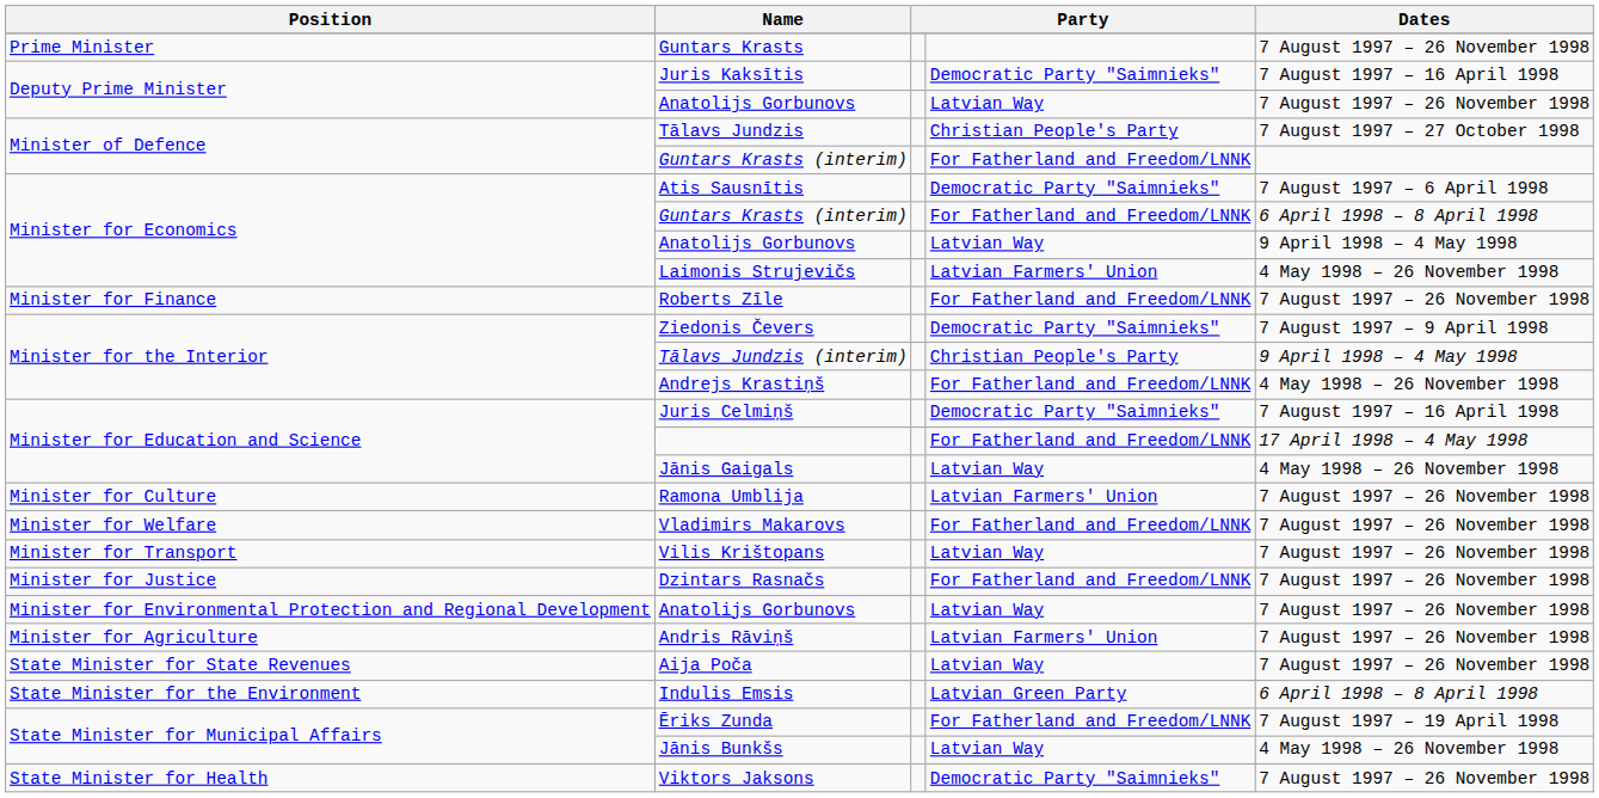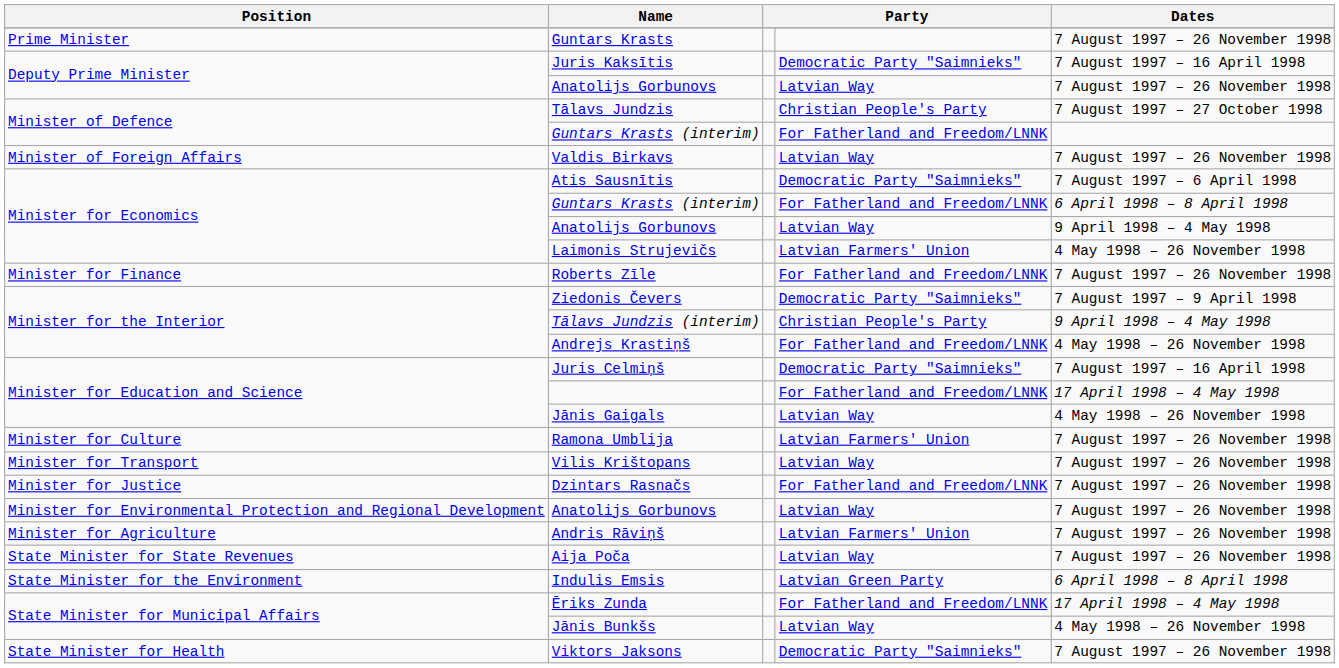 <table class="wikitable">
 <tr>
 <th>Position</th>
 <th>Name</th>
 <th colspan=2>Party</th>
 <th>Dates</th>
 </tr>
 <tr>
 </tr>
 <tr>
 <td><a href='#'>Prime Minister</a></td>
 <td><a href='#'>Guntars Krasts</a></td>
 <td width=5px style="background-color: "></td>
 <td></td>
 <td>7 August 1997 – 26 November 1998</td>
 </tr>
 <tr>
 <td rowspan="2"><a href='#'>Deputy Prime Minister</a></td>
 <td><a href='#'>Juris Kaksītis</a></td>
 <td style="background-color: "></td>
 <td><a href='#'>Democratic Party "Saimnieks"</a></td>
 <td>7 August 1997 – 16 April 1998</td>
 </tr>
 <tr>
 <td><a href='#'>Anatolijs Gorbunovs</a></td>
 <td style="background-color: "></td>
 <td><a href='#'>Latvian Way</a></td>
 <td>7 August 1997 – 26 November 1998</td>
 </tr>
 <tr>
 <td rowspan="2"><a href='#'>Minister of Defence</a></td>
 <td><a href='#'>Tālavs Jundzis</a></td>
 <td style="background-color: "></td>
 <td><a href='#'>Christian People's Party</a></td>
 <td>7 August 1997 – 27 October 1998</td>
 </tr>
 <tr>
 <td><em><a href='#'>Guntars Krasts</a> (interim)</em></td>
 <td style="background-color: "></td>
 <td><a href='#'>For Fatherland and Freedom/LNNK</a></td>
 <td></td>
+</tr>
+<tr>
+<td><a href='#'>Minister of Foreign Affairs</a></td>
+<td><a href='#'>Valdis Birkavs</a></td>
+<td style="background-color: "></td>
+<td><a href='#'>Latvian Way</a></td>
+<td>7 August 1997 – 26 November 1998</td>
 </tr>
 <tr>
 <td rowspan="4"><a href='#'>Minister for Economics</a></td>
 <td><a href='#'>Atis Sausnītis</a></td>
 <td style="background-color: "></td>
 <td><a href='#'>Democratic Party "Saimnieks"</a></td>
 <td>7 August 1997 – 6 April 1998</td>
 </tr>
 <tr>
 <td><em><a href='#'>Guntars Krasts</a> (interim)</em></td>
 <td style="background-color: "></td>
 <td><a href='#'>For Fatherland and Freedom/LNNK</a></td>
 <td><em>6 April 1998 – 8 April 1998</em></td>
 </tr>
 <tr>
 <td><a href='#'>Anatolijs Gorbunovs</a></td>
 <td style="background-color: "></td>
 <td><a href='#'>Latvian Way</a></td>
 <td>9 April 1998 – 4 May 1998</td>
 </tr>
 <tr>
 <td><a href='#'>Laimonis Strujevičs</a></td>
 <td style="background-color: "></td>
 <td><a href='#'>Latvian Farmers' Union</a></td>
 <td>4 May 1998 – 26 November 1998</td>
 </tr>
 <tr>
 <td><a href='#'>Minister for Finance</a></td>
 <td><a href='#'>Roberts Zīle</a></td>
 <td style="background-color: "></td>
 <td><a href='#'>For Fatherland and Freedom/LNNK</a></td>
 <td>7 August 1997 – 26 November 1998</td>
 </tr>
 <tr>
 <td rowspan="3"><a href='#'>Minister for the Interior</a></td>
 <td><a href='#'>Ziedonis Čevers</a></td>
 <td style="background-color: "></td>
 <td><a href='#'>Democratic Party "Saimnieks"</a></td>
 <td>7 August 1997 – 9 April 1998</td>
 </tr>
 <tr>
 <td><em><a href='#'>Tālavs Jundzis</a> (interim)</em></td>
 <td style="background-color: "></td>
 <td><a href='#'>Christian People's Party</a></td>
 <td><em>9 April 1998 – 4 May 1998</em></td>
 </tr>
 <tr>
 <td><a href='#'>Andrejs Krastiņš</a></td>
 <td style="background-color: "></td>
 <td><a href='#'>For Fatherland and Freedom/LNNK</a></td>
 <td>4 May 1998 – 26 November 1998</td>
 </tr>
 <tr>
 <td rowspan="3"><a href='#'>Minister for Education and Science</a></td>
 <td><a href='#'>Juris Celmiņš</a></td>
 <td style="background-color: "></td>
 <td><a href='#'>Democratic Party "Saimnieks"</a></td>
 <td>7 August 1997 – 16 April 1998</td>
 </tr>
 <tr>
 <td></td>
 <td style="background-color: "></td>
 <td><a href='#'>For Fatherland and Freedom/LNNK</a></td>
 <td><em>17 April 1998 – 4 May 1998</em></td>
 </tr>
 <tr>
 <td><a href='#'>Jānis Gaigals</a></td>
 <td style="background-color: "></td>
 <td><a href='#'>Latvian Way</a></td>
 <td>4 May 1998 – 26 November 1998</td>
 </tr>
 <tr>
 <td><a href='#'>Minister for Culture</a></td>
 <td><a href='#'>Ramona Umblija</a></td>
 <td style="background-color: "></td>
 <td><a href='#'>Latvian Farmers' Union</a></td>
 <td>7 August 1997 – 26 November 1998</td>
 </tr>
 <tr>
-<td><a href='#'>Minister for Welfare</a></td>
-<td><a href='#'>Vladimirs Makarovs</a></td>
-<td style="background-color: "></td>
-<td><a href='#'>For Fatherland and Freedom/LNNK</a></td>
-<td>7 August 1997 – 26 November 1998</td>
-</tr>
-<tr>
 <td><a href='#'>Minister for Transport</a></td>
 <td><a href='#'>Vilis Krištopans</a></td>
 <td style="background-color: "></td>
 <td><a href='#'>Latvian Way</a></td>
 <td>7 August 1997 – 26 November 1998</td>
 </tr>
 <tr>
 <td><a href='#'>Minister for Justice</a></td>
 <td><a href='#'>Dzintars Rasnačs</a></td>
 <td style="background-color: "></td>
 <td><a href='#'>For Fatherland and Freedom/LNNK</a></td>
 <td>7 August 1997 – 26 November 1998</td>
 </tr>
 <tr>
 <td><a href='#'>Minister for Environmental Protection and Regional Development</a></td>
 <td><a href='#'>Anatolijs Gorbunovs</a></td>
 <td style="background-color: "></td>
 <td><a href='#'>Latvian Way</a></td>
 <td>7 August 1997 – 26 November 1998</td>
 </tr>
 <tr>
 <td><a href='#'>Minister for Agriculture</a></td>
 <td><a href='#'>Andris Rāviņš</a></td>
 <td style="background-color: "></td>
 <td><a href='#'>Latvian Farmers' Union</a></td>
 <td>7 August 1997 – 26 November 1998</td>
 </tr>
 <tr>
 <td><a href='#'>State Minister for State Revenues</a></td>
 <td><a href='#'>Aija Poča</a></td>
 <td style="background-color: "></td>
 <td><a href='#'>Latvian Way</a></td>
 <td>7 August 1997 – 26 November 1998</td>
 </tr>
 <tr>
 <td><a href='#'>State Minister for the Environment</a></td>
 <td><a href='#'>Indulis Emsis</a></td>
 <td style="background-color: "></td>
 <td><a href='#'>Latvian Green Party</a></td>
 <td><em>6 April 1998 – 8 April 1998</em></td>
 </tr>
 <tr>
 <td rowspan="2"><a href='#'>State Minister for Municipal Affairs</a></td>
 <td><a href='#'>Ēriks Zunda</a></td>
 <td style="background-color: "></td>
 <td><a href='#'>For Fatherland and Freedom/LNNK</a></td>
-<td>7 August 1997 – 19 April 1998</td>
+<td><em>17 April 1998 – 4 May 1998</em></td>
 </tr>
 <tr>
 <td><a href='#'>Jānis Bunkšs</a></td>
 <td style="background-color: "></td>
 <td><a href='#'>Latvian Way</a></td>
 <td>4 May 1998 – 26 November 1998</td>
 </tr>
 <tr>
 <td><a href='#'>State Minister for Health</a></td>
 <td><a href='#'>Viktors Jaksons</a></td>
 <td style="background-color: "></td>
 <td><a href='#'>Democratic Party "Saimnieks"</a></td>
 <td>7 August 1997 – 26 November 1998</td>
 </tr>
 </table>
